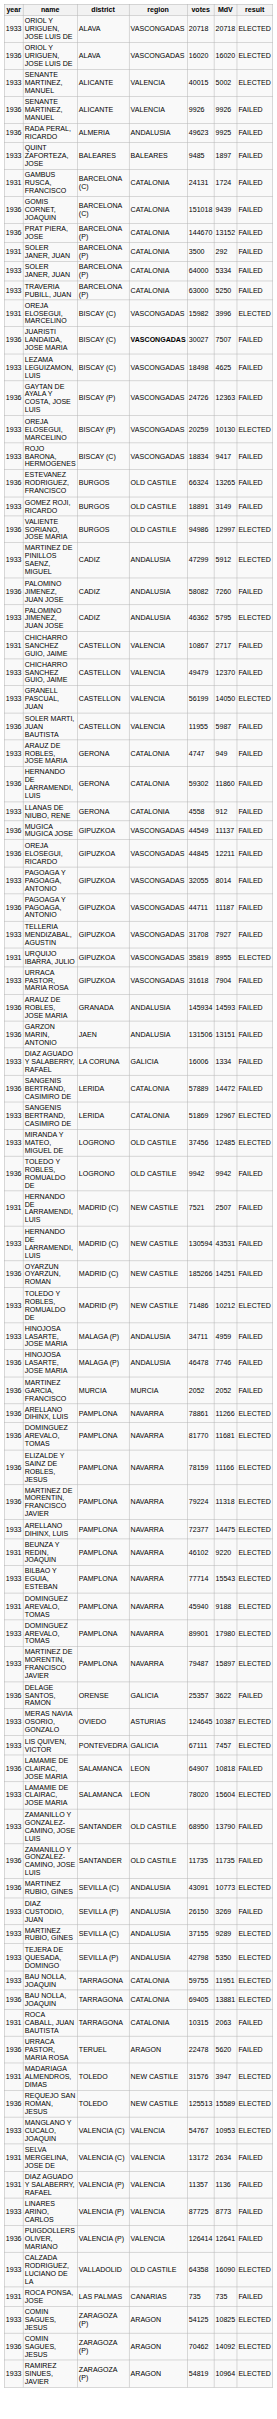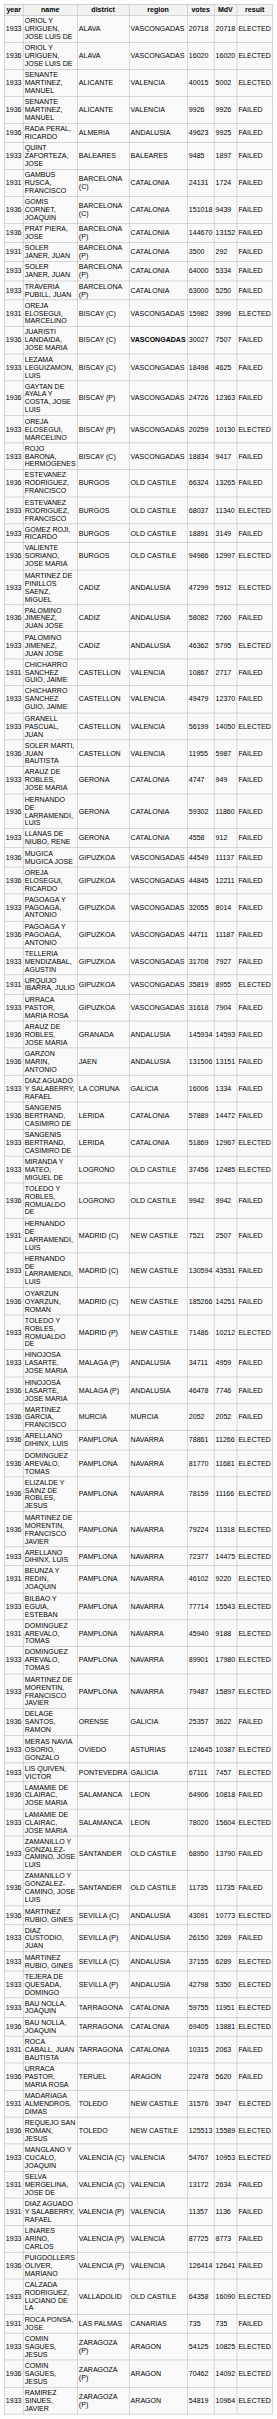 <table class="wikitable sortable">
 <tr>
 <th>year</th>
 <th>name</th>
 <th>district</th>
 <th>region</th>
 <th>votes</th>
 <th>MdV</th>
 <th>result</th>
 </tr>
 <tr>
 <td>1933</td>
 <td>ORIOL Y URIGUEN, JOSE LUIS DE</td>
 <td>ALAVA</td>
 <td>VASCONGADAS</td>
 <td>20718</td>
 <td>20718</td>
 <td>ELECTED</td>
 </tr>
 <tr>
 <td>1936</td>
 <td>ORIOL Y URIGUEN, JOSE LUIS DE</td>
 <td>ALAVA</td>
 <td>VASCONGADAS</td>
 <td>16020</td>
 <td>16020</td>
 <td>ELECTED</td>
 </tr>
 <tr>
 <td>1933</td>
 <td>SENANTE MARTINEZ, MANUEL</td>
 <td>ALICANTE</td>
 <td>VALENCIA</td>
 <td>40015</td>
 <td>5002</td>
 <td>ELECTED</td>
 </tr>
 <tr>
 <td>1936</td>
 <td>SENANTE MARTINEZ, MANUEL</td>
 <td>ALICANTE</td>
 <td>VALENCIA</td>
 <td>9926</td>
 <td>9926</td>
 <td>FAILED</td>
 </tr>
 <tr>
 <td>1936</td>
 <td>RADA PERAL, RICARDO</td>
 <td>ALMERIA</td>
 <td>ANDALUSIA</td>
 <td>49623</td>
 <td>9925</td>
 <td>FAILED</td>
 </tr>
 <tr>
 <td>1933</td>
 <td>QUINT ZAFORTEZA, JOSE</td>
 <td>BALEARES</td>
 <td>BALEARES</td>
 <td>9485</td>
 <td>1897</td>
 <td>FAILED</td>
 </tr>
 <tr>
 <td>1931</td>
 <td>GAMBUS RUSCA, FRANCISCO</td>
 <td>BARCELONA (C)</td>
 <td>CATALONIA</td>
 <td>24131</td>
 <td>1724</td>
 <td>FAILED</td>
 </tr>
 <tr>
 <td>1936</td>
 <td>GOMIS CORNET, JOAQUIN</td>
 <td>BARCELONA (C)</td>
 <td>CATALONIA</td>
 <td>151018</td>
 <td>9439</td>
 <td>FAILED</td>
 </tr>
 <tr>
 <td>1936</td>
 <td>PRAT PIERA, JOSE</td>
 <td>BARCELONA (P)</td>
 <td>CATALONIA</td>
 <td>144670</td>
 <td>13152</td>
 <td>FAILED</td>
 </tr>
 <tr>
 <td>1931</td>
 <td>SOLER JANER, JUAN</td>
 <td>BARCELONA (P)</td>
 <td>CATALONIA</td>
 <td>3500</td>
 <td>292</td>
 <td>FAILED</td>
 </tr>
 <tr>
 <td>1933</td>
 <td>SOLER JANER, JUAN</td>
 <td>BARCELONA (P)</td>
 <td>CATALONIA</td>
 <td>64000</td>
 <td>5334</td>
 <td>FAILED</td>
 </tr>
 <tr>
 <td>1933</td>
 <td>TRAVERIA PUBILL, JUAN</td>
 <td>BARCELONA (P)</td>
 <td>CATALONIA</td>
 <td>63000</td>
 <td>5250</td>
 <td>FAILED</td>
 </tr>
 <tr>
 <td>1931</td>
 <td>OREJA ELOSEGUI, MARCELINO</td>
 <td>BISCAY (C)</td>
 <td>VASCONGADAS</td>
 <td>15982</td>
 <td>3996</td>
 <td>ELECTED</td>
 </tr>
 <tr>
 <td>1936</td>
 <td>JUARISTI LANDAIDA, JOSE MARIA</td>
 <td>BISCAY (C)</td>
 <td><strong>VASCONGADAS</strong></td>
 <td>30027</td>
 <td>7507</td>
 <td>FAILED</td>
 </tr>
 <tr>
 <td>1933</td>
 <td>LEZAMA LEGUIZAMON, LUIS</td>
 <td>BISCAY (C)</td>
 <td>VASCONGADAS</td>
 <td>18498</td>
 <td>4625</td>
 <td>FAILED</td>
 </tr>
 <tr>
 <td>1936</td>
 <td>GAYTAN DE AYALA Y COSTA, JOSE LUIS</td>
 <td>BISCAY (P)</td>
 <td>VASCONGADAS</td>
 <td>24726</td>
 <td>12363</td>
 <td>FAILED</td>
 </tr>
 <tr>
 <td>1933</td>
 <td>OREJA ELOSEGUI, MARCELINO</td>
 <td>BISCAY (P)</td>
 <td>VASCONGADAS</td>
 <td>20259</td>
 <td>10130</td>
 <td>ELECTED</td>
 </tr>
 <tr>
 <td>1933</td>
 <td>ROJO BARONA, HERMOGENES</td>
 <td>BISCAY (C)</td>
 <td>VASCONGADAS</td>
 <td>18834</td>
 <td>9417</td>
 <td>FAILED</td>
 </tr>
 <tr>
 <td>1936</td>
 <td>ESTEVANEZ RODRIGUEZ, FRANCISCO</td>
 <td>BURGOS</td>
 <td>OLD CASTILE</td>
 <td>66324</td>
 <td>13265</td>
 <td>FAILED</td>
+</tr>
+<tr>
+<td>1933</td>
+<td>ESTEVANEZ RODRIGUEZ, FRANCISCO</td>
+<td>BURGOS</td>
+<td>OLD CASTILE</td>
+<td>68037</td>
+<td>11340</td>
+<td>ELECTED</td>
 </tr>
 <tr>
 <td>1933</td>
 <td>GOMEZ ROJI, RICARDO</td>
 <td>BURGOS</td>
 <td>OLD CASTILE</td>
 <td>18891</td>
 <td>3149</td>
 <td>FAILED</td>
 </tr>
 <tr>
 <td>1936</td>
 <td>VALIENTE SORIANO, JOSE MARIA</td>
 <td>BURGOS</td>
 <td>OLD CASTILE</td>
 <td>94986</td>
 <td>12997</td>
 <td>ELECTED</td>
 </tr>
 <tr>
 <td>1933</td>
 <td>MARTINEZ DE PINILLOS SAENZ, MIGUEL</td>
 <td>CADIZ</td>
 <td>ANDALUSIA</td>
 <td>47299</td>
 <td>5912</td>
 <td>ELECTED</td>
 </tr>
 <tr>
 <td>1936</td>
 <td>PALOMINO JIMENEZ, JUAN JOSE</td>
 <td>CADIZ</td>
 <td>ANDALUSIA</td>
 <td>58082</td>
 <td>7260</td>
 <td>FAILED</td>
 </tr>
 <tr>
 <td>1933</td>
 <td>PALOMINO JIMENEZ, JUAN JOSE</td>
 <td>CADIZ</td>
 <td>ANDALUSIA</td>
 <td>46362</td>
 <td>5795</td>
 <td>ELECTED</td>
 </tr>
 <tr>
 <td>1931</td>
 <td>CHICHARRO SANCHEZ GUIO, JAIME</td>
 <td>CASTELLON</td>
 <td>VALENCIA</td>
 <td>10867</td>
 <td>2717</td>
 <td>FAILED</td>
 </tr>
 <tr>
 <td>1933</td>
 <td>CHICHARRO SANCHEZ GUIO, JAIME</td>
 <td>CASTELLON</td>
 <td>VALENCIA</td>
 <td>49479</td>
 <td>12370</td>
 <td>FAILED</td>
 </tr>
 <tr>
 <td>1933</td>
 <td>GRANELL PASCUAL, JUAN</td>
 <td>CASTELLON</td>
 <td>VALENCIA</td>
 <td>56199</td>
 <td>14050</td>
 <td>ELECTED</td>
 </tr>
 <tr>
 <td>1936</td>
 <td>SOLER MARTI, JUAN BAUTISTA</td>
 <td>CASTELLON</td>
 <td>VALENCIA</td>
 <td>11955</td>
 <td>5987</td>
 <td>FAILED</td>
 </tr>
 <tr>
 <td>1933</td>
 <td>ARAUZ DE ROBLES, JOSE MARIA</td>
 <td>GERONA</td>
 <td>CATALONIA</td>
 <td>4747</td>
 <td>949</td>
 <td>FAILED</td>
 </tr>
 <tr>
 <td>1936</td>
 <td>HERNANDO DE LARRAMENDI, LUIS</td>
 <td>GERONA</td>
 <td>CATALONIA</td>
 <td>59302</td>
 <td>11860</td>
 <td>FAILED</td>
 </tr>
 <tr>
 <td>1933</td>
 <td>LLANAS DE NIUBO, RENE</td>
 <td>GERONA</td>
 <td>CATALONIA</td>
 <td>4558</td>
 <td>912</td>
 <td>FAILED</td>
 </tr>
 <tr>
 <td>1936</td>
 <td>MUGICA MUGICA JOSE</td>
 <td>GIPUZKOA</td>
 <td>VASCONGADAS</td>
 <td>44549</td>
 <td>11137</td>
 <td>FAILED</td>
 </tr>
 <tr>
 <td>1936</td>
 <td>OREJA ELOSEGUI, RICARDO</td>
 <td>GIPUZKOA</td>
 <td>VASCONGADAS</td>
 <td>44845</td>
 <td>12211</td>
 <td>FAILED</td>
 </tr>
 <tr>
 <td>1933</td>
 <td>PAGOAGA Y PAGOAGA, ANTONIO</td>
 <td>GIPUZKOA</td>
 <td>VASCONGADAS</td>
 <td>32055</td>
 <td>8014</td>
 <td>FAILED</td>
 </tr>
 <tr>
 <td>1936</td>
 <td>PAGOAGA Y PAGOAGA, ANTONIO</td>
 <td>GIPUZKOA</td>
 <td>VASCONGADAS</td>
 <td>44711</td>
 <td>11187</td>
 <td>FAILED</td>
 </tr>
 <tr>
 <td>1933</td>
 <td>TELLERIA MENDIZABAL, AGUSTIN</td>
 <td>GIPUZKOA</td>
 <td>VASCONGADAS</td>
 <td>31708</td>
 <td>7927</td>
 <td>FAILED</td>
 </tr>
 <tr>
 <td>1931</td>
 <td>URQUIJO IBARRA, JULIO</td>
 <td>GIPUZKOA</td>
 <td>VASCONGADAS</td>
 <td>35819</td>
 <td>8955</td>
 <td>ELECTED</td>
 </tr>
 <tr>
 <td>1933</td>
 <td>URRACA PASTOR, MARIA ROSA</td>
 <td>GIPUZKOA</td>
 <td>VASCONGADAS</td>
 <td>31618</td>
 <td>7904</td>
 <td>FAILED</td>
 </tr>
 <tr>
 <td>1936</td>
 <td>ARAUZ DE ROBLES, JOSE MARIA</td>
 <td>GRANADA</td>
 <td>ANDALUSIA</td>
 <td>145934</td>
 <td>14593</td>
 <td>FAILED</td>
 </tr>
 <tr>
 <td>1936</td>
 <td>GARZON MARIN, ANTONIO</td>
 <td>JAEN</td>
 <td>ANDALUSIA</td>
 <td>131506</td>
 <td>13151</td>
 <td>FAILED</td>
 </tr>
 <tr>
 <td>1933</td>
 <td>DIAZ AGUADO Y SALABERRY, RAFAEL</td>
 <td>LA CORUNA</td>
 <td>GALICIA</td>
 <td>16006</td>
 <td>1334</td>
 <td>FAILED</td>
 </tr>
 <tr>
 <td>1936</td>
 <td>SANGENIS BERTRAND, CASIMIRO DE</td>
 <td>LERIDA</td>
 <td>CATALONIA</td>
 <td>57889</td>
 <td>14472</td>
 <td>FAILED</td>
 </tr>
 <tr>
 <td>1933</td>
 <td>SANGENIS BERTRAND, CASIMIRO DE</td>
 <td>LERIDA</td>
 <td>CATALONIA</td>
 <td>51869</td>
 <td>12967</td>
 <td>ELECTED</td>
 </tr>
 <tr>
 <td>1933</td>
 <td>MIRANDA Y MATEO, MIGUEL DE</td>
 <td>LOGRONO</td>
 <td>OLD CASTILE</td>
 <td>37456</td>
 <td>12485</td>
 <td>ELECTED</td>
 </tr>
 <tr>
 <td>1936</td>
 <td>TOLEDO Y ROBLES, ROMUALDO DE</td>
 <td>LOGRONO</td>
 <td>OLD CASTILE</td>
 <td>9942</td>
 <td>9942</td>
 <td>FAILED</td>
 </tr>
 <tr>
 <td>1931</td>
 <td>HERNANDO DE LARRAMENDI, LUIS</td>
 <td>MADRID (C)</td>
 <td>NEW CASTILE</td>
 <td>7521</td>
 <td>2507</td>
 <td>FAILED</td>
 </tr>
 <tr>
 <td>1933</td>
 <td>HERNANDO DE LARRAMENDI, LUIS</td>
 <td>MADRID (C)</td>
 <td>NEW CASTILE</td>
 <td>130594</td>
 <td>43531</td>
 <td>FAILED</td>
 </tr>
 <tr>
 <td>1936</td>
 <td>OYARZUN OYARZUN, ROMAN</td>
 <td>MADRID (C)</td>
 <td>NEW CASTILE</td>
 <td>185266</td>
 <td>14251</td>
 <td>FAILED</td>
 </tr>
 <tr>
 <td>1933</td>
 <td>TOLEDO Y ROBLES, ROMUALDO DE</td>
 <td>MADRID (P)</td>
 <td>NEW CASTILE</td>
 <td>71486</td>
 <td>10212</td>
 <td>ELECTED</td>
 </tr>
 <tr>
 <td>1933</td>
 <td>HINOJOSA LASARTE, JOSE MARIA</td>
 <td>MALAGA (P)</td>
 <td>ANDALUSIA</td>
 <td>34711</td>
 <td>4959</td>
 <td>FAILED</td>
 </tr>
 <tr>
 <td>1936</td>
 <td>HINOJOSA LASARTE, JOSE MARIA</td>
 <td>MALAGA (P)</td>
 <td>ANDALUSIA</td>
 <td>46478</td>
 <td>7746</td>
 <td>FAILED</td>
 </tr>
 <tr>
 <td>1936</td>
 <td>MARTINEZ GARCIA, FRANCISCO</td>
 <td>MURCIA</td>
 <td>MURCIA</td>
 <td>2052</td>
 <td>2052</td>
 <td>FAILED</td>
 </tr>
 <tr>
 <td>1936</td>
 <td>ARELLANO DIHINX, LUIS</td>
 <td>PAMPLONA</td>
 <td>NAVARRA</td>
 <td>78861</td>
 <td>11266</td>
 <td>ELECTED</td>
 </tr>
 <tr>
 <td>1936</td>
 <td>DOMINGUEZ AREVALO, TOMAS</td>
 <td>PAMPLONA</td>
 <td>NAVARRA</td>
 <td>81770</td>
 <td>11681</td>
 <td>ELECTED</td>
 </tr>
 <tr>
 <td>1936</td>
 <td>ELIZALDE Y SAINZ DE ROBLES, JESUS</td>
 <td>PAMPLONA</td>
 <td>NAVARRA</td>
 <td>78159</td>
 <td>11166</td>
 <td>ELECTED</td>
 </tr>
 <tr>
 <td>1936</td>
 <td>MARTINEZ DE MORENTIN, FRANCISCO JAVIER</td>
 <td>PAMPLONA</td>
 <td>NAVARRA</td>
 <td>79224</td>
 <td>11318</td>
 <td>ELECTED</td>
 </tr>
 <tr>
 <td>1933</td>
 <td>ARELLANO DIHINX, LUIS</td>
 <td>PAMPLONA</td>
 <td>NAVARRA</td>
 <td>72377</td>
 <td>14475</td>
 <td>ELECTED</td>
 </tr>
 <tr>
 <td>1931</td>
 <td>BEUNZA Y REDIN, JOAQUIN</td>
 <td>PAMPLONA</td>
 <td>NAVARRA</td>
 <td>46102</td>
 <td>9220</td>
 <td>ELECTED</td>
 </tr>
 <tr>
 <td>1933</td>
 <td>BILBAO Y EGUIA, ESTEBAN</td>
 <td>PAMPLONA</td>
 <td>NAVARRA</td>
 <td>77714</td>
 <td>15543</td>
 <td>ELECTED</td>
 </tr>
 <tr>
 <td>1931</td>
 <td>DOMINGUEZ AREVALO, TOMAS</td>
 <td>PAMPLONA</td>
 <td>NAVARRA</td>
 <td>45940</td>
 <td>9188</td>
 <td>ELECTED</td>
 </tr>
 <tr>
 <td>1933</td>
 <td>DOMINGUEZ AREVALO, TOMAS</td>
 <td>PAMPLONA</td>
 <td>NAVARRA</td>
 <td>89901</td>
 <td>17980</td>
 <td>ELECTED</td>
 </tr>
 <tr>
 <td>1933</td>
 <td>MARTINEZ DE MORENTIN, FRANCISCO JAVIER</td>
 <td>PAMPLONA</td>
 <td>NAVARRA</td>
 <td>79487</td>
 <td>15897</td>
 <td>ELECTED</td>
 </tr>
 <tr>
 <td>1936</td>
 <td>DELAGE SANTOS, RAMON</td>
 <td>ORENSE</td>
 <td>GALICIA</td>
 <td>25357</td>
 <td>3622</td>
 <td>FAILED</td>
 </tr>
 <tr>
 <td>1933</td>
 <td>MERAS NAVIA OSORIO, GONZALO</td>
 <td>OVIEDO</td>
 <td>ASTURIAS</td>
 <td>124645</td>
 <td>10387</td>
 <td>ELECTED</td>
 </tr>
 <tr>
 <td>1933</td>
 <td>LIS QUIVEN, VICTOR</td>
 <td>PONTEVEDRA</td>
 <td>GALICIA</td>
 <td>67111</td>
 <td>7457</td>
 <td>ELECTED</td>
 </tr>
 <tr>
 <td>1936</td>
 <td>LAMAMIE DE CLAIRAC, JOSE MARIA</td>
 <td>SALAMANCA</td>
 <td>LEON</td>
-<td>64907</td>
+<td>64906</td>
 <td>10818</td>
 <td>FAILED</td>
 </tr>
 <tr>
 <td>1933</td>
 <td>LAMAMIE DE CLAIRAC, JOSE MARIA</td>
 <td>SALAMANCA</td>
 <td>LEON</td>
 <td>78020</td>
 <td>15604</td>
 <td>ELECTED</td>
 </tr>
 <tr>
 <td>1933</td>
 <td>ZAMANILLO Y GONZALEZ-CAMINO, JOSE LUIS</td>
 <td>SANTANDER</td>
 <td>OLD CASTILE</td>
 <td>68950</td>
 <td>13790</td>
 <td>FAILED</td>
 </tr>
 <tr>
 <td>1936</td>
 <td>ZAMANILLO Y GONZALEZ-CAMINO, JOSE LUIS</td>
 <td>SANTANDER</td>
 <td>OLD CASTILE</td>
 <td>11735</td>
 <td>11735</td>
 <td>FAILED</td>
 </tr>
 <tr>
 <td>1936</td>
 <td>MARTINEZ RUBIO, GINES</td>
 <td>SEVILLA (C)</td>
 <td>ANDALUSIA</td>
 <td>43091</td>
 <td>10773</td>
 <td>ELECTED</td>
 </tr>
 <tr>
 <td>1933</td>
 <td>DIAZ CUSTODIO, JUAN</td>
 <td>SEVILLA (P)</td>
 <td>ANDALUSIA</td>
 <td>26150</td>
 <td>3269</td>
 <td>FAILED</td>
 </tr>
 <tr>
 <td>1933</td>
 <td>MARTINEZ RUBIO, GINES</td>
 <td>SEVILLA (C)</td>
 <td>ANDALUSIA</td>
 <td>37155</td>
-<td>9289</td>
+<td>6289</td>
 <td>ELECTED</td>
 </tr>
 <tr>
 <td>1933</td>
 <td>TEJERA DE QUESADA, DOMINGO</td>
 <td>SEVILLA (P)</td>
 <td>ANDALUSIA</td>
 <td>42798</td>
 <td>5350</td>
 <td>ELECTED</td>
 </tr>
 <tr>
 <td>1933</td>
 <td>BAU NOLLA, JOAQUIN</td>
 <td>TARRAGONA</td>
 <td>CATALONIA</td>
 <td>59755</td>
 <td>11951</td>
 <td>ELECTED</td>
 </tr>
 <tr>
 <td>1936</td>
 <td>BAU NOLLA, JOAQUIN</td>
 <td>TARRAGONA</td>
 <td>CATALONIA</td>
 <td>69405</td>
 <td>13881</td>
 <td>ELECTED</td>
 </tr>
 <tr>
 <td>1931</td>
 <td>ROCA CABALL, JUAN BAUTISTA</td>
 <td>TARRAGONA</td>
 <td>CATALONIA</td>
 <td>10315</td>
 <td>2063</td>
 <td>FAILED</td>
 </tr>
 <tr>
 <td>1936</td>
 <td>URRACA PASTOR, MARIA ROSA</td>
 <td>TERUEL</td>
 <td>ARAGON</td>
 <td>22478</td>
 <td>5620</td>
 <td>FAILED</td>
 </tr>
 <tr>
 <td>1931</td>
 <td>MADARIAGA ALMENDROS, DIMAS</td>
 <td>TOLEDO</td>
 <td>NEW CASTILE</td>
 <td>31576</td>
 <td>3947</td>
 <td>ELECTED</td>
 </tr>
 <tr>
 <td>1936</td>
 <td>REQUEJO SAN ROMAN, JESUS</td>
 <td>TOLEDO</td>
 <td>NEW CASTILE</td>
 <td>125513</td>
 <td>15589</td>
 <td>ELECTED</td>
 </tr>
 <tr>
 <td>1933</td>
 <td>MANGLANO Y CUCALO, JOAQUIN</td>
 <td>VALENCIA (C)</td>
 <td>VALENCIA</td>
 <td>54767</td>
 <td>10953</td>
 <td>ELECTED</td>
 </tr>
 <tr>
 <td>1931</td>
 <td>SELVA MERGELINA, JOSE DE</td>
 <td>VALENCIA (C)</td>
 <td>VALENCIA</td>
 <td>13172</td>
 <td>2634</td>
 <td>FAILED</td>
 </tr>
 <tr>
 <td>1931</td>
 <td>DIAZ AGUADO Y SALABERRY, RAFAEL</td>
 <td>VALENCIA (P)</td>
 <td>VALENCIA</td>
 <td>11357</td>
 <td>1136</td>
 <td>FAILED</td>
 </tr>
 <tr>
 <td>1933</td>
 <td>LINARES ARINO, CARLOS</td>
 <td>VALENCIA (P)</td>
 <td>VALENCIA</td>
 <td>87725</td>
 <td>8773</td>
 <td>FAILED</td>
 </tr>
 <tr>
 <td>1936</td>
 <td>PUIGDOLLERS OLIVER, MARIANO</td>
 <td>VALENCIA (P)</td>
 <td>VALENCIA</td>
 <td>126414</td>
 <td>12641</td>
 <td>FAILED</td>
 </tr>
 <tr>
 <td>1933</td>
 <td>CALZADA RODRIGUEZ, LUCIANO DE LA</td>
 <td>VALLADOLID</td>
 <td>OLD CASTILE</td>
 <td>64358</td>
 <td>16090</td>
 <td>ELECTED</td>
 </tr>
 <tr>
 <td>1931</td>
 <td>ROCA PONSA, JOSE</td>
 <td>LAS PALMAS</td>
 <td>CANARIAS</td>
 <td>735</td>
 <td>735</td>
 <td>FAILED</td>
 </tr>
 <tr>
 <td>1933</td>
 <td>COMIN SAGUES, JESUS</td>
 <td>ZARAGOZA (P)</td>
 <td>ARAGON</td>
 <td>54125</td>
 <td>10825</td>
 <td>ELECTED</td>
 </tr>
 <tr>
 <td>1936</td>
 <td>COMIN SAGUES, JESUS</td>
 <td>ZARAGOZA (P)</td>
 <td>ARAGON</td>
 <td>70462</td>
 <td>14092</td>
 <td>ELECTED</td>
 </tr>
 <tr>
 <td>1933</td>
 <td>RAMIREZ SINUES, JAVIER</td>
 <td>ZARAGOZA (P)</td>
 <td>ARAGON</td>
 <td>54819</td>
 <td>10964</td>
 <td>ELECTED</td>
 </tr>
 </table>
